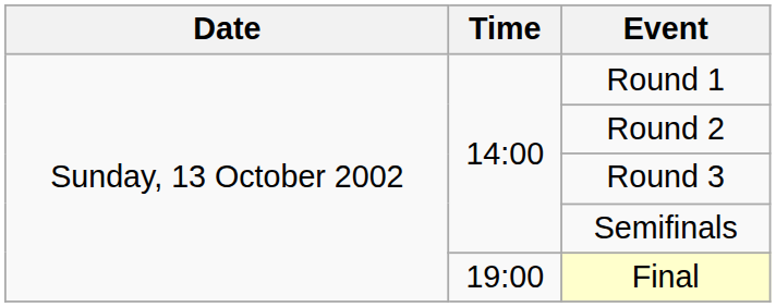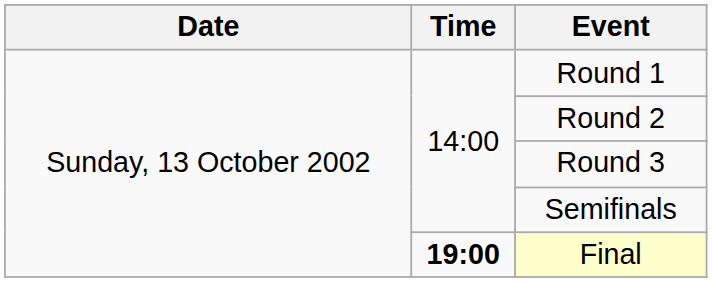 <table class = "wikitable" style="text-align:center;">
 <tr>
 <th width=220>Date</th>
 <th width=50>Time</th>
 <th width=100>Event</th>
 </tr>
 <tr>
 <td rowspan=5>Sunday, 13 October 2002</td>
 <td rowspan=4>14:00</td>
 <td>Round 1</td>
 </tr>
 <tr>
 <td>Round 2</td>
 </tr>
 <tr>
 <td>Round 3</td>
 </tr>
 <tr>
 <td>Semifinals</td>
 </tr>
 <tr>
-<td>19:00</td>
+<td><strong>19:00</strong></td>
 <td bgcolor=ffffcc>Final</td>
 </tr>
 </table>
